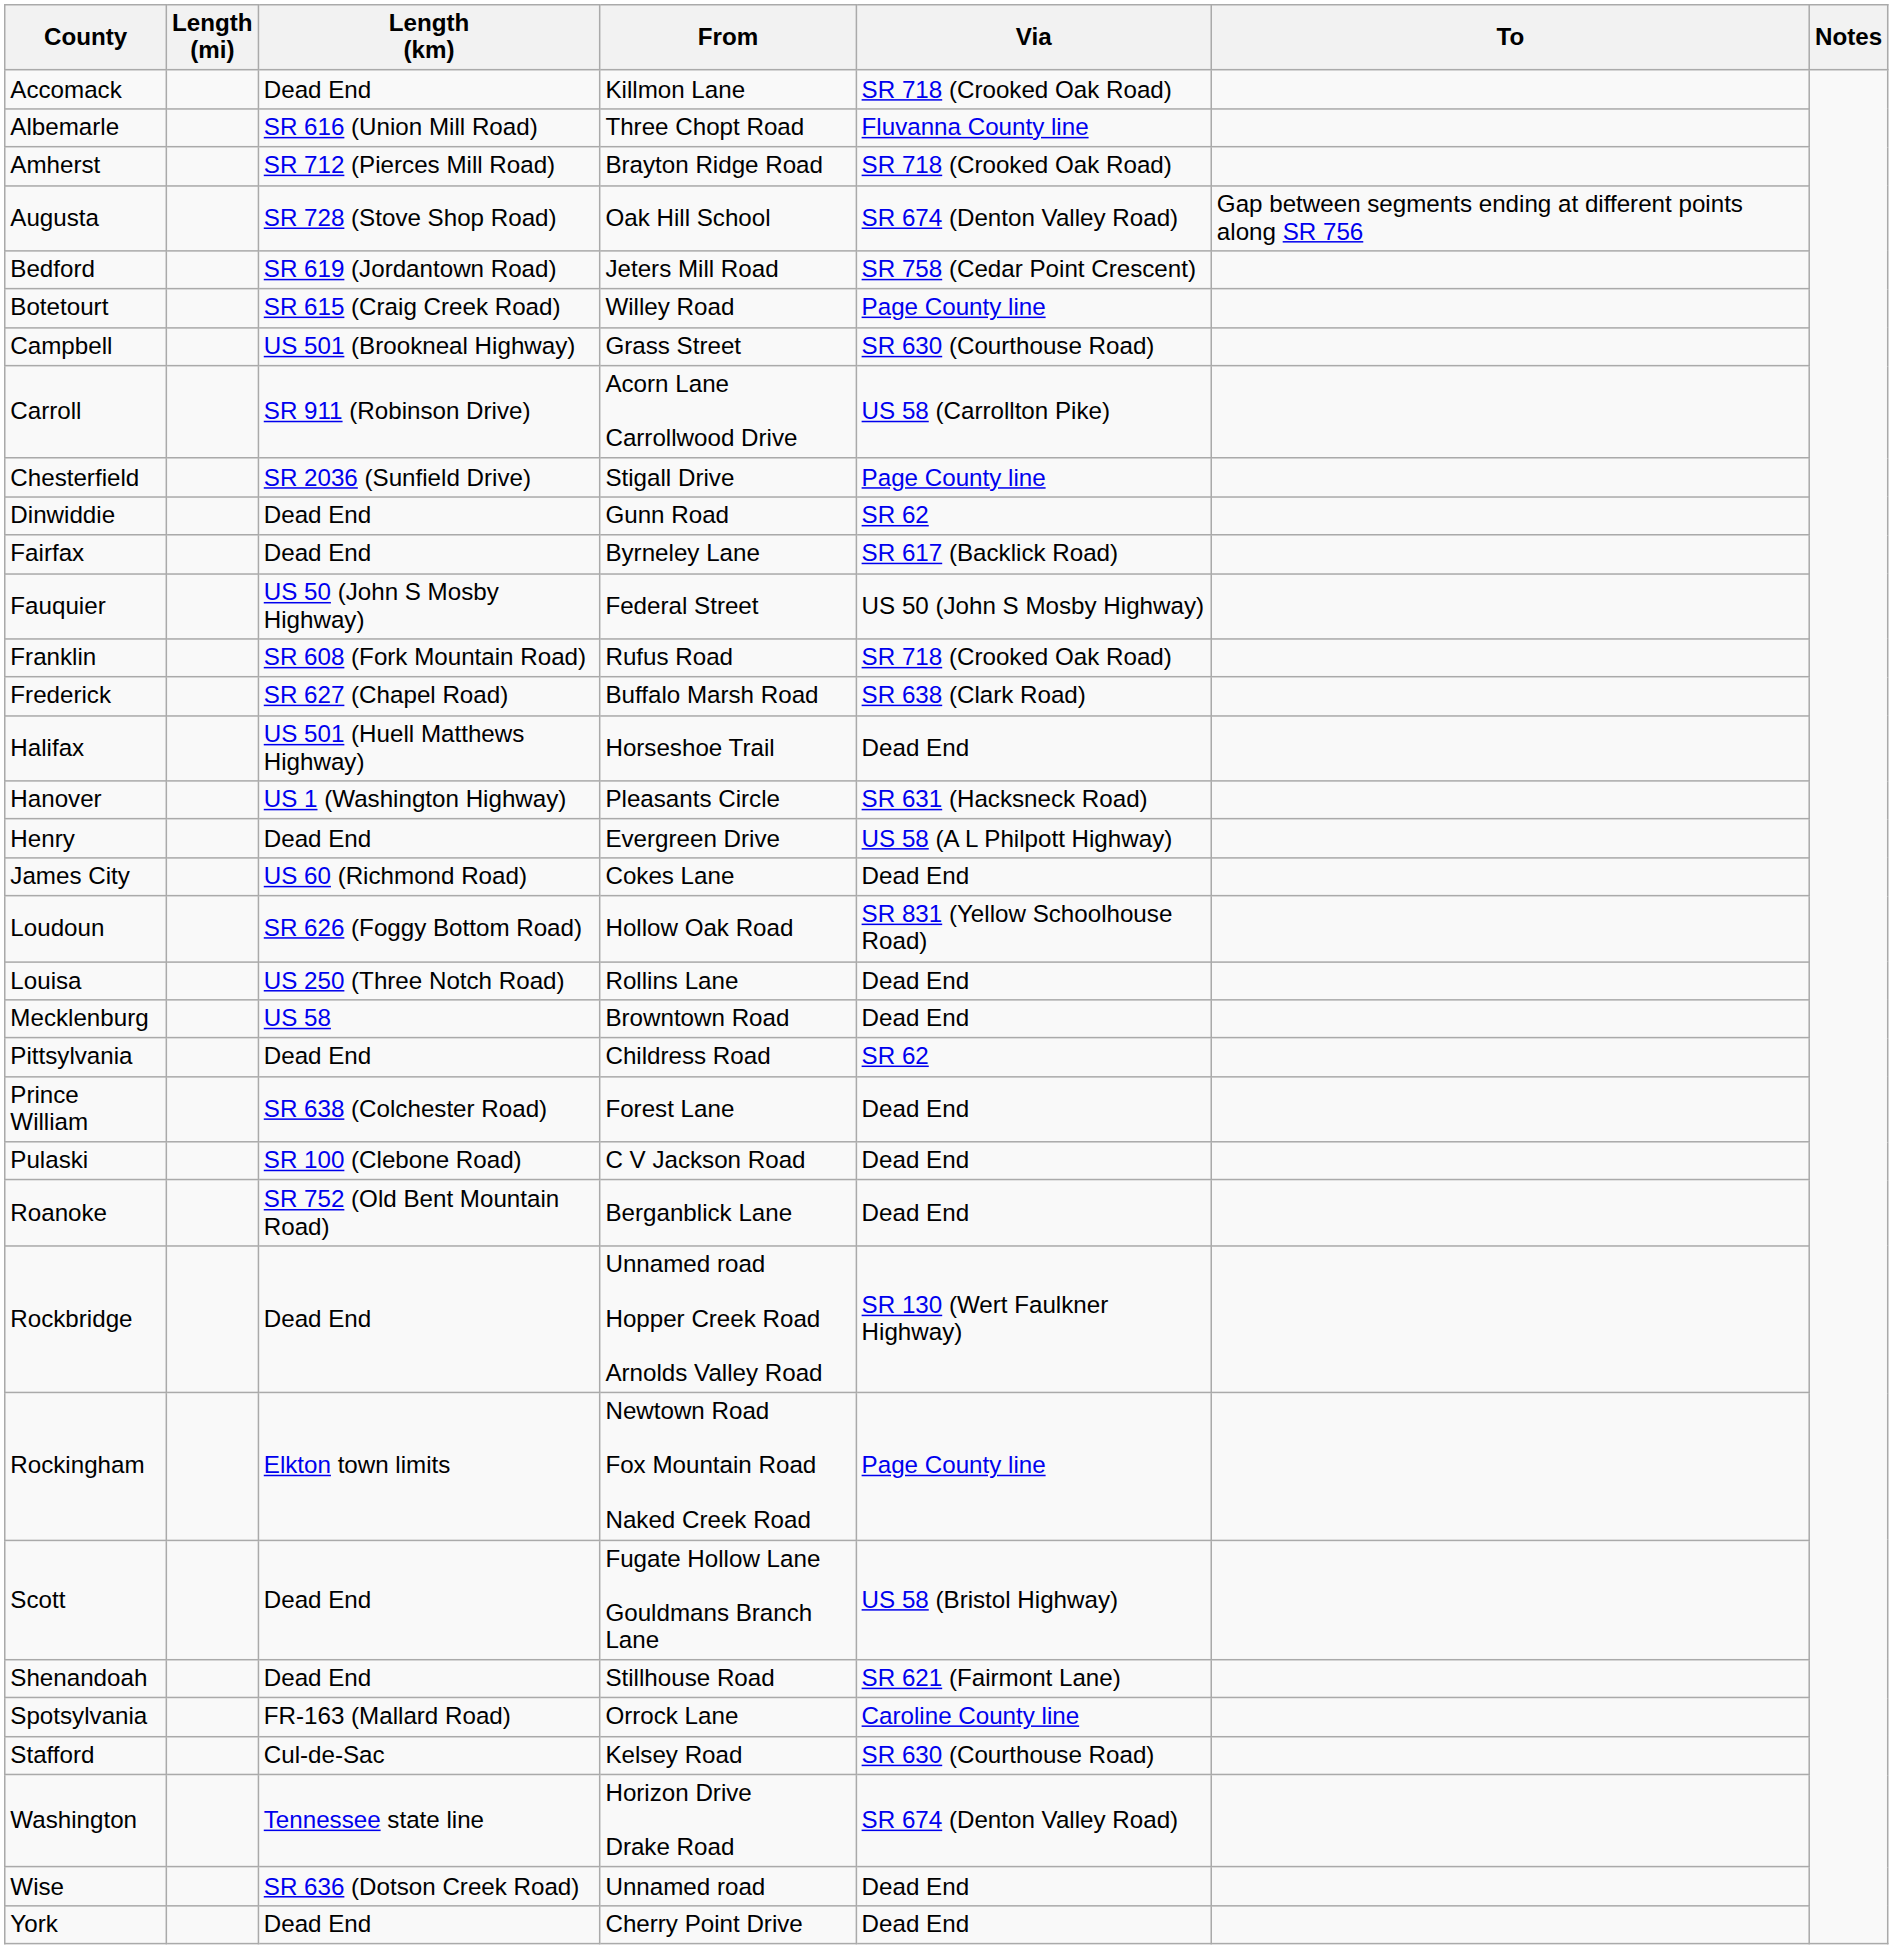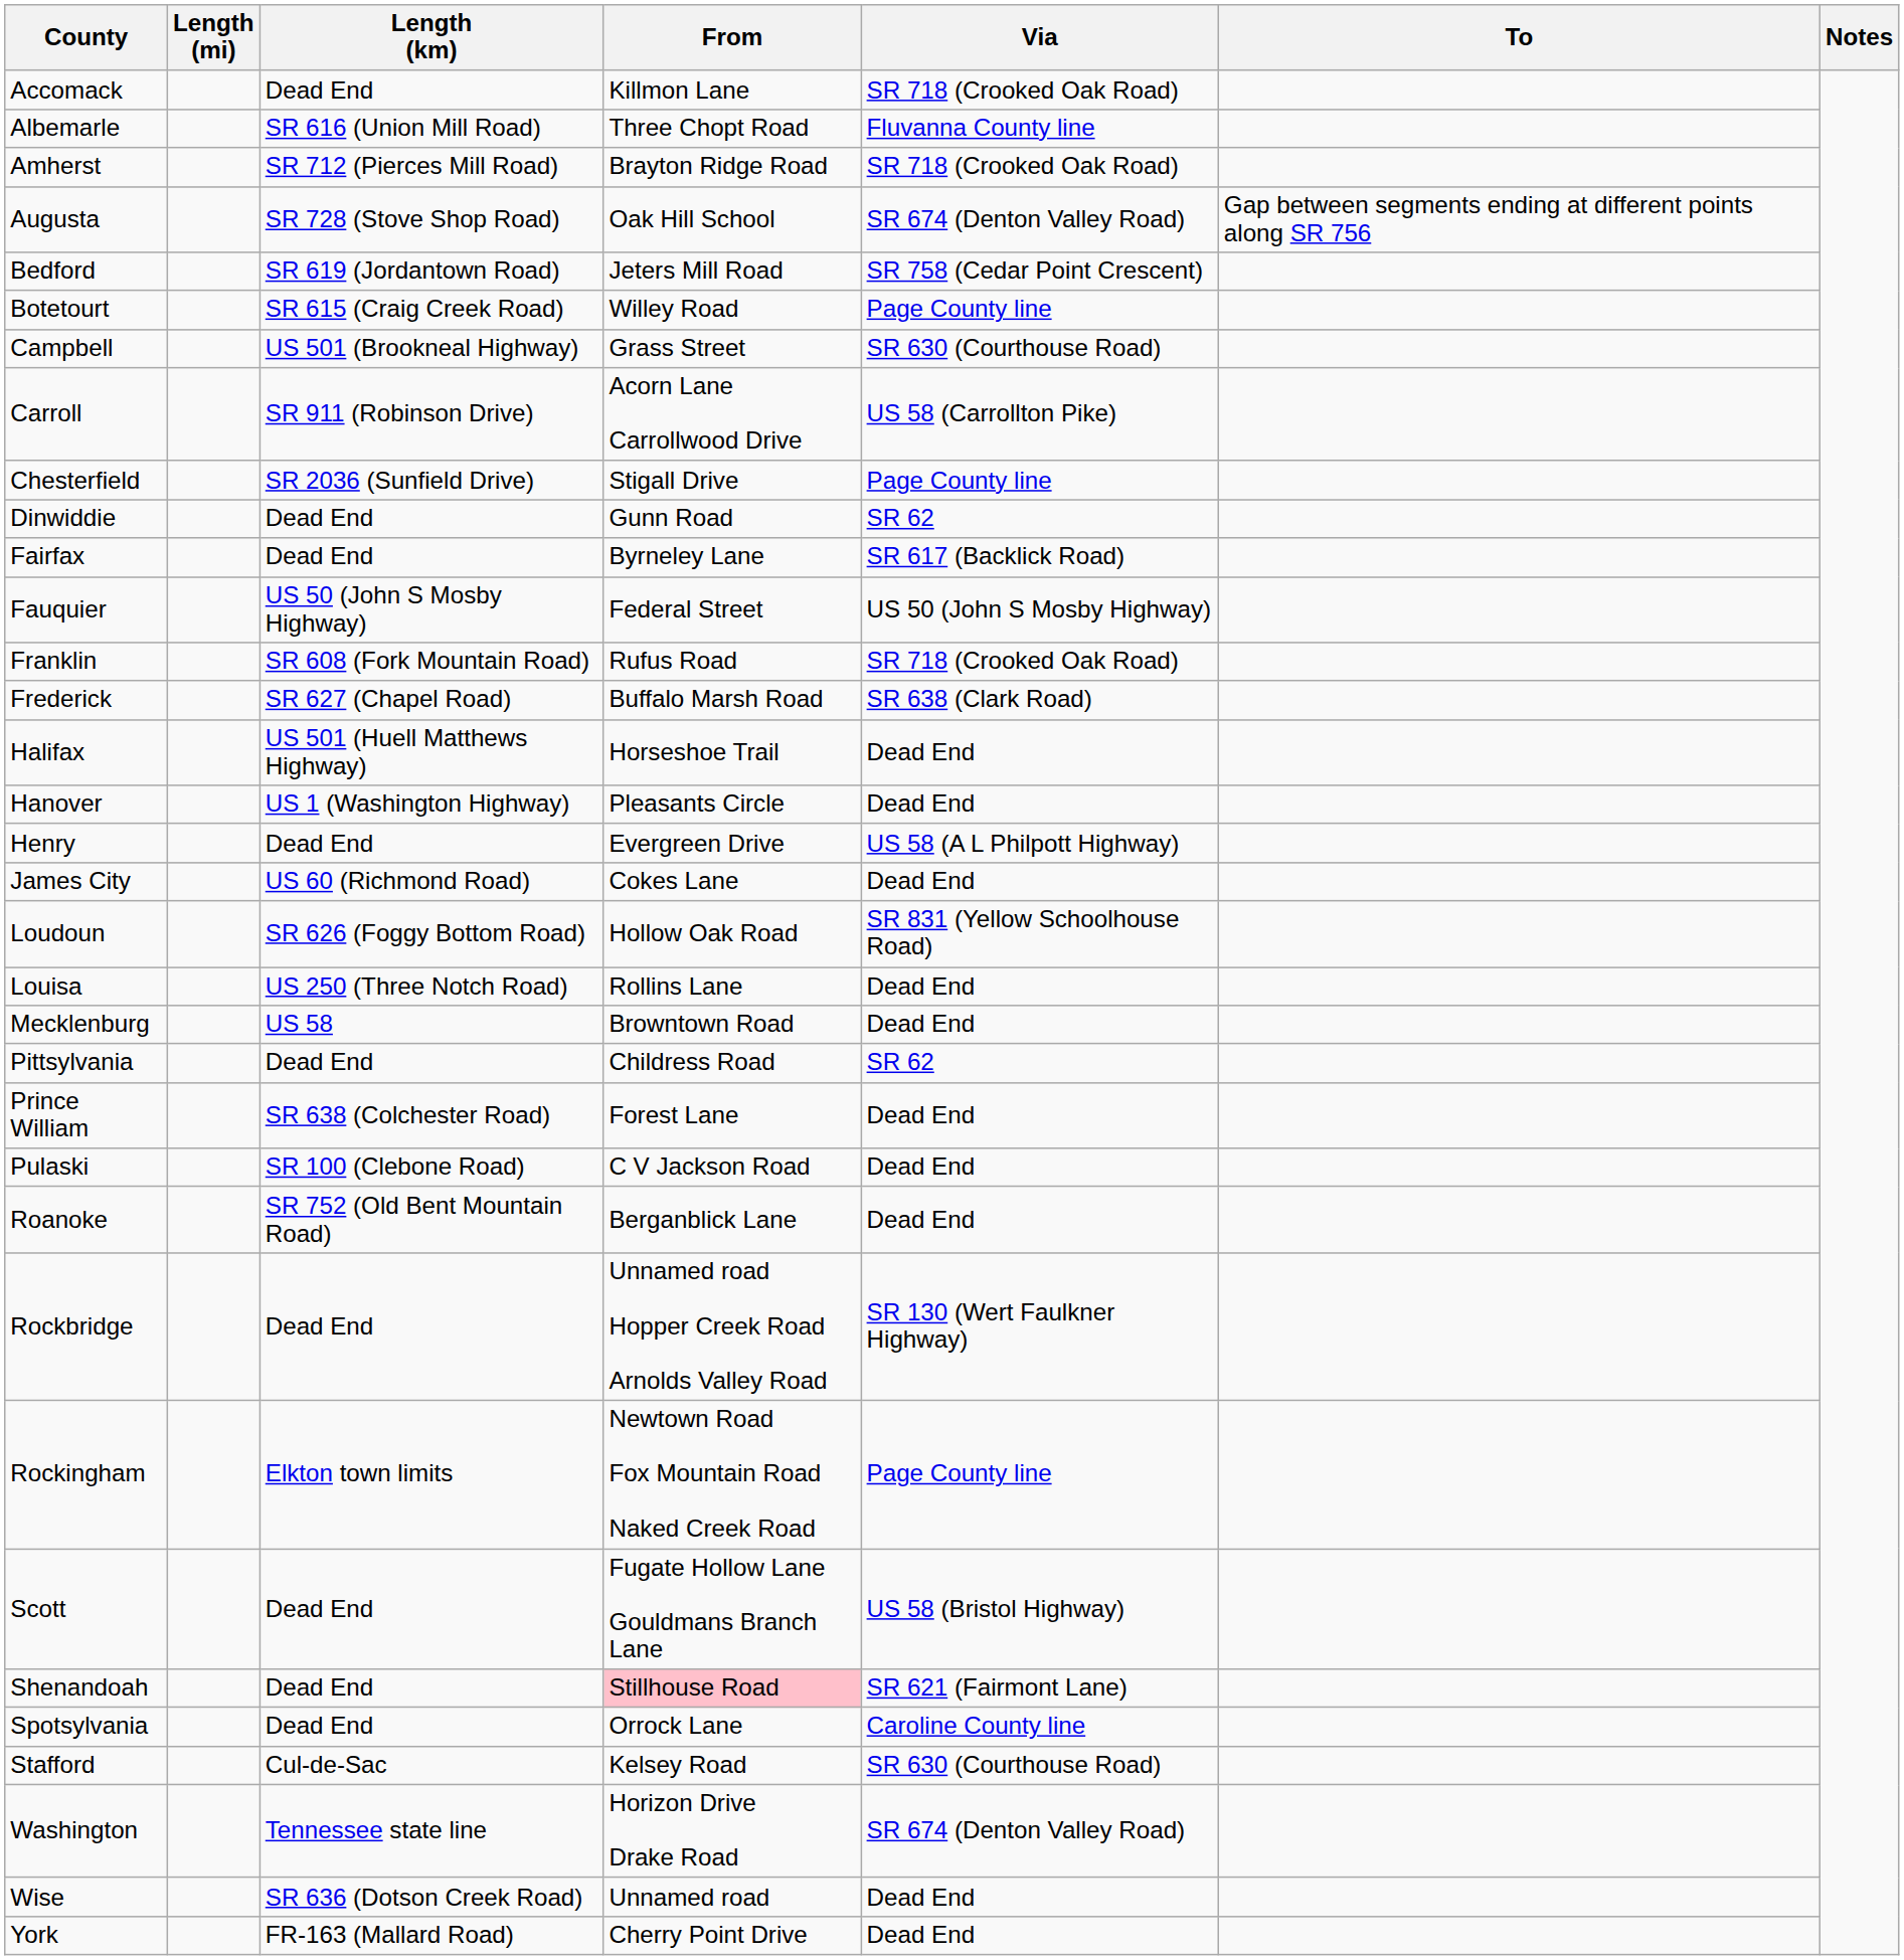 <table class="wikitable sortable">
 <tr>
 <th>County</th>
 <th>Length<br>(mi)</th>
 <th>Length<br>(km)</th>
 <th class="unsortable">From</th>
 <th class="unsortable">Via</th>
 <th class="unsortable">To</th>
 <th class="unsortable">Notes</th>
 </tr>
 <tr>
 <td id="Accomack">Accomack</td>
 <td></td>
 <td>Dead End</td>
 <td>Killmon Lane</td>
 <td><a href='#'>SR 718</a> (Crooked Oak Road)</td>
 <td></td>
 </tr>
 <tr>
 <td id="Albemarle">Albemarle</td>
 <td></td>
 <td><a href='#'>SR 616</a> (Union Mill Road)</td>
 <td>Three Chopt Road</td>
 <td><a href='#'>Fluvanna County line</a></td>
 <td><br> </td>
 </tr>
 <tr>
 <td id="Amherst">Amherst</td>
 <td></td>
 <td><a href='#'>SR 712</a> (Pierces Mill Road)</td>
 <td>Brayton Ridge Road</td>
 <td><a href='#'>SR 718</a> (Crooked Oak Road)</td>
 <td><br> </td>
 </tr>
 <tr>
 <td id="Augusta">Augusta</td>
 <td></td>
 <td><a href='#'>SR 728</a> (Stove Shop Road)</td>
 <td>Oak Hill School</td>
 <td><a href='#'>SR 674</a> (Denton Valley Road)</td>
 <td>Gap between segments ending at different points along <a href='#'>SR 756</a><br></td>
 </tr>
 <tr>
 <td id="Bedford">Bedford</td>
 <td></td>
 <td><a href='#'>SR 619</a> (Jordantown Road)</td>
 <td>Jeters Mill Road</td>
 <td><a href='#'>SR 758</a> (Cedar Point Crescent)</td>
 <td><br></td>
 </tr>
 <tr>
 <td id="Botetourt">Botetourt</td>
 <td></td>
 <td><a href='#'>SR 615</a> (Craig Creek Road)</td>
 <td>Willey Road</td>
 <td><a href='#'>Page County line</a></td>
 <td><br>  </td>
 </tr>
 <tr>
 <td id="Campbell">Campbell</td>
 <td></td>
 <td><a href='#'>US 501</a> (Brookneal Highway)</td>
 <td>Grass Street</td>
 <td><a href='#'>SR 630</a> (Courthouse Road)</td>
 <td><br></td>
 </tr>
 <tr>
 <td id="Carroll">Carroll</td>
 <td></td>
 <td><a href='#'>SR 911</a> (Robinson Drive)</td>
 <td>Acorn Lane<br><br>Carrollwood Drive</td>
 <td><a href='#'>US 58</a> (Carrollton Pike)</td>
 <td><br> </td>
 </tr>
 <tr>
 <td id="Chesterfield">Chesterfield</td>
 <td></td>
 <td><a href='#'>SR 2036</a> (Sunfield Drive)</td>
 <td>Stigall Drive</td>
 <td><a href='#'>Page County line</a></td>
 <td><br>    </td>
 </tr>
 <tr>
 <td id="Dinwiddie">Dinwiddie</td>
 <td></td>
 <td>Dead End</td>
 <td>Gunn Road</td>
 <td><a href='#'>SR 62</a></td>
 <td><br></td>
 </tr>
 <tr>
 <td id="Fairfax">Fairfax</td>
 <td></td>
 <td>Dead End</td>
 <td>Byrneley Lane</td>
 <td><a href='#'>SR 617</a> (Backlick Road)</td>
 <td></td>
 </tr>
 <tr>
 <td id="Fauquier">Fauquier</td>
 <td></td>
 <td><a href='#'>US 50</a> (John S Mosby Highway)</td>
 <td>Federal Street</td>
 <td>US 50 (John S Mosby Highway)</td>
 <td><br> </td>
 </tr>
 <tr>
 <td id="Franklin">Franklin</td>
 <td></td>
 <td><a href='#'>SR 608</a> (Fork Mountain Road)</td>
 <td>Rufus Road</td>
 <td><a href='#'>SR 718</a> (Crooked Oak Road)</td>
 <td></td>
 </tr>
 <tr>
 <td id="Frederick">Frederick</td>
 <td></td>
 <td><a href='#'>SR 627</a> (Chapel Road)</td>
 <td>Buffalo Marsh Road</td>
 <td><a href='#'>SR 638</a> (Clark Road)</td>
 <td><br>     </td>
 </tr>
 <tr>
 <td id="Halifax">Halifax</td>
 <td></td>
 <td><a href='#'>US 501</a> (Huell Matthews Highway)</td>
 <td>Horseshoe Trail</td>
 <td>Dead End</td>
 <td></td>
 </tr>
 <tr>
 <td id="Hanover">Hanover</td>
 <td></td>
 <td><a href='#'>US 1</a> (Washington Highway)</td>
 <td>Pleasants Circle</td>
-<td><a href='#'>SR 631</a> (Hacksneck Road)</td>
+<td>Dead End</td>
 <td><br></td>
 </tr>
 <tr>
 <td id="Henry">Henry</td>
 <td></td>
 <td>Dead End</td>
 <td>Evergreen Drive</td>
 <td><a href='#'>US 58</a> (A L Philpott Highway)</td>
 <td><br> </td>
 </tr>
 <tr>
 <td id="James City">James City</td>
 <td></td>
 <td><a href='#'>US 60</a> (Richmond Road)</td>
 <td>Cokes Lane</td>
 <td>Dead End</td>
 <td><br>    </td>
 </tr>
 <tr>
 <td id="Loudoun">Loudoun</td>
 <td></td>
 <td><a href='#'>SR 626</a> (Foggy Bottom Road)</td>
 <td>Hollow Oak Road</td>
 <td><a href='#'>SR 831</a> (Yellow Schoolhouse Road)</td>
 <td></td>
 </tr>
 <tr>
 <td id="Louisa">Louisa</td>
 <td></td>
 <td><a href='#'>US 250</a> (Three Notch Road)</td>
 <td>Rollins Lane</td>
 <td>Dead End</td>
 <td><br>  </td>
 </tr>
 <tr>
 <td id="Mecklenburg">Mecklenburg</td>
 <td></td>
 <td><a href='#'>US 58</a></td>
 <td>Browntown Road</td>
 <td>Dead End</td>
 <td><br>         </td>
 </tr>
 <tr>
 <td id="Pittsylvania">Pittsylvania</td>
 <td></td>
 <td>Dead End</td>
 <td>Childress Road</td>
 <td><a href='#'>SR 62</a></td>
 <td><br>  </td>
 </tr>
 <tr>
 <td id="Prince William">Prince William</td>
 <td></td>
 <td><a href='#'>SR 638</a> (Colchester Road)</td>
 <td>Forest Lane</td>
 <td>Dead End</td>
 <td></td>
 </tr>
 <tr>
 <td id="Pulaski">Pulaski</td>
 <td></td>
 <td><a href='#'>SR 100</a> (Clebone Road)</td>
 <td>C V Jackson Road</td>
 <td>Dead End</td>
 <td><br> </td>
 </tr>
 <tr>
 <td id="Roanoke">Roanoke</td>
 <td></td>
 <td><a href='#'>SR 752</a> (Old Bent Mountain Road)</td>
 <td>Berganblick Lane</td>
 <td>Dead End</td>
 <td></td>
 </tr>
 <tr>
 <td id="Rockbridge">Rockbridge</td>
 <td></td>
 <td>Dead End</td>
 <td>Unnamed road<br><br>Hopper Creek Road<br><br>Arnolds Valley Road</td>
 <td><a href='#'>SR 130</a> (Wert Faulkner Highway)</td>
 <td></td>
 </tr>
 <tr>
 <td id="Rockingham">Rockingham</td>
 <td></td>
 <td><a href='#'>Elkton</a> town limits</td>
 <td>Newtown Road<br><br>Fox Mountain Road<br><br>Naked Creek Road</td>
 <td><a href='#'>Page County line</a></td>
 <td><br></td>
 </tr>
 <tr>
 <td id="Scott">Scott</td>
 <td></td>
 <td>Dead End</td>
 <td>Fugate Hollow Lane<br><br>Gouldmans Branch Lane</td>
 <td><a href='#'>US 58</a> (Bristol Highway)</td>
 <td></td>
 </tr>
 <tr>
 <td id="Shenandoah">Shenandoah</td>
 <td></td>
 <td>Dead End</td>
-<td>Stillhouse Road</td>
+<td style="background: pink;">Stillhouse Road</td>
 <td><a href='#'>SR 621</a> (Fairmont Lane)</td>
 <td><br> </td>
 </tr>
 <tr>
 <td id="Spotsylvania">Spotsylvania</td>
 <td></td>
-<td>FR-163 (Mallard Road)</td>
+<td>Dead End</td>
 <td>Orrock Lane</td>
 <td><a href='#'>Caroline County line</a></td>
 <td></td>
 </tr>
 <tr>
 <td id="Stafford">Stafford</td>
 <td></td>
 <td>Cul-de-Sac</td>
 <td>Kelsey Road</td>
 <td><a href='#'>SR 630</a> (Courthouse Road)</td>
 <td><br>   </td>
 </tr>
 <tr>
 <td id="Washington">Washington</td>
 <td></td>
 <td><a href='#'>Tennessee</a> state line</td>
 <td>Horizon Drive<br><br>Drake Road</td>
 <td><a href='#'>SR 674</a> (Denton Valley Road)</td>
 <td><br></td>
 </tr>
 <tr>
 <td id="Wise">Wise</td>
 <td></td>
 <td><a href='#'>SR 636</a> (Dotson Creek Road)</td>
 <td>Unnamed road</td>
 <td>Dead End</td>
 <td><br></td>
 </tr>
 <tr>
 <td id="York">York</td>
 <td></td>
-<td>Dead End</td>
+<td>FR-163 (Mallard Road)</td>
 <td>Cherry Point Drive</td>
 <td>Dead End</td>
 <td></td>
 </tr>
 </table>
